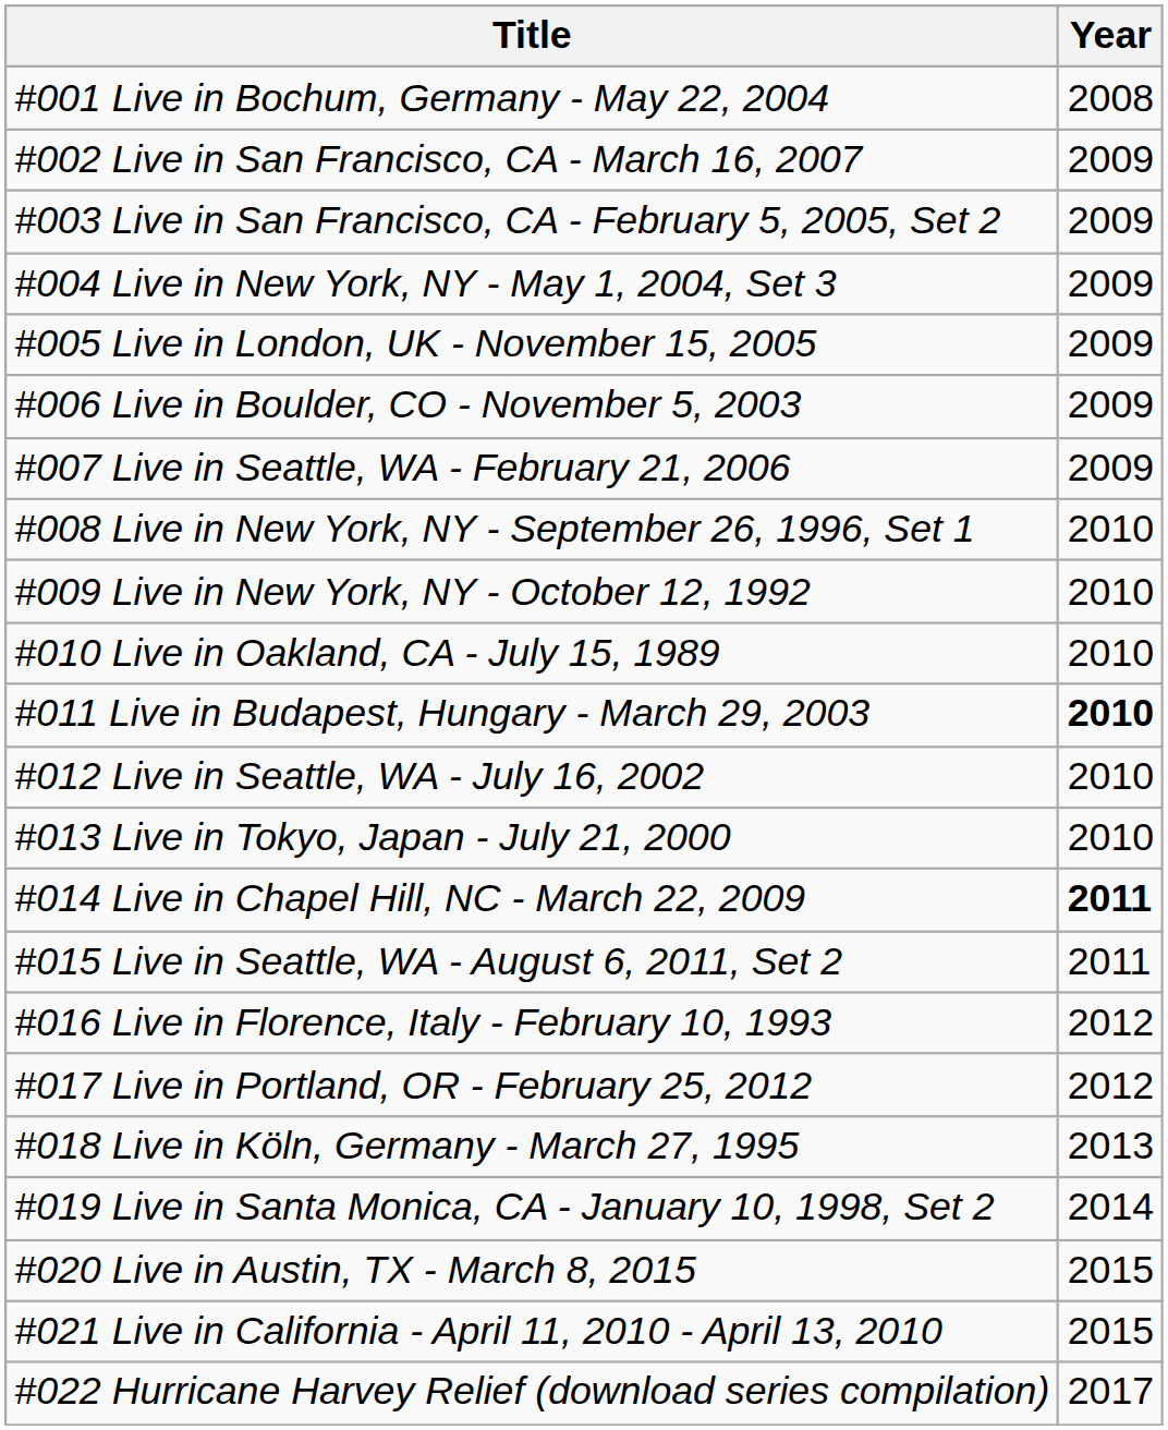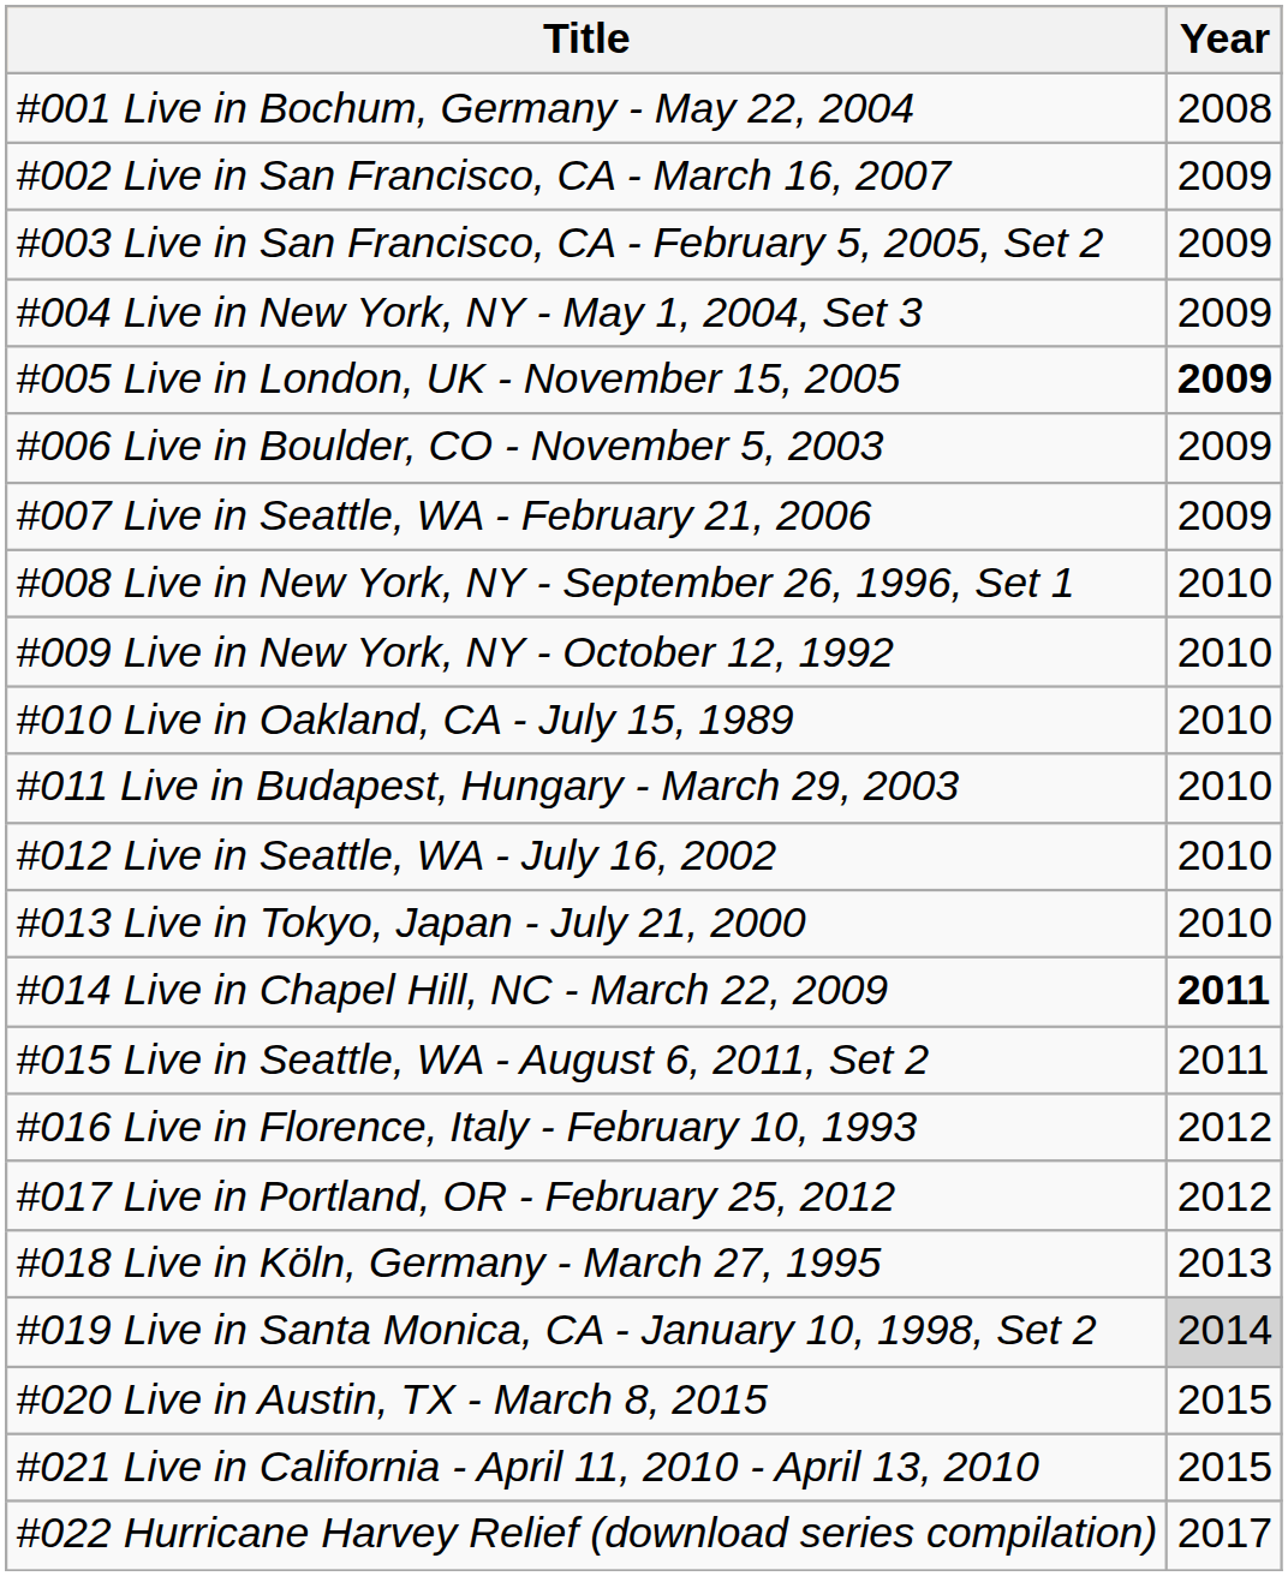 <table class="wikitable sortable">
 <tr style="background:#ffdead;">
 <th>Title</th>
 <th>Year</th>
 </tr>
 <tr>
 <td><em>#001 Live in Bochum, Germany - May 22, 2004</em></td>
 <td>2008</td>
 </tr>
 <tr>
 <td><em>#002 Live in San Francisco, CA - March 16, 2007</em></td>
 <td>2009</td>
 </tr>
 <tr>
 <td><em>#003 Live in San Francisco, CA - February 5, 2005, Set 2</em></td>
 <td>2009</td>
 </tr>
 <tr>
 <td><em>#004 Live in New York, NY - May 1, 2004, Set 3</em></td>
 <td>2009</td>
 </tr>
 <tr>
 <td><em>#005 Live in London, UK - November 15, 2005</em></td>
-<td>2009</td>
+<td><strong>2009</strong></td>
 </tr>
 <tr>
 <td><em>#006 Live in Boulder, CO - November 5, 2003</em></td>
 <td>2009</td>
 </tr>
 <tr>
 <td><em>#007 Live in Seattle, WA - February 21, 2006</em></td>
 <td>2009</td>
 </tr>
 <tr>
 <td><em>#008 Live in New York, NY - September 26, 1996, Set 1</em></td>
 <td>2010</td>
 </tr>
 <tr>
 <td><em>#009 Live in New York, NY - October 12, 1992</em></td>
 <td>2010</td>
 </tr>
 <tr>
 <td><em>#010 Live in Oakland, CA - July 15, 1989</em></td>
 <td>2010</td>
 </tr>
 <tr>
 <td><em>#011 Live in Budapest, Hungary - March 29, 2003</em></td>
-<td><strong>2010</strong></td>
+<td>2010</td>
 </tr>
 <tr>
 <td><em>#012 Live in Seattle, WA - July 16, 2002</em></td>
 <td>2010</td>
 </tr>
 <tr>
 <td><em>#013 Live in Tokyo, Japan - July 21, 2000</em></td>
 <td>2010</td>
 </tr>
 <tr>
 <td><em>#014 Live in Chapel Hill, NC - March 22, 2009</em></td>
 <td><strong>2011</strong></td>
 </tr>
 <tr>
 <td><em>#015 Live in Seattle, WA - August 6, 2011, Set 2</em></td>
 <td>2011</td>
 </tr>
 <tr>
 <td><em>#016 Live in Florence, Italy - February 10, 1993</em></td>
 <td>2012</td>
 </tr>
 <tr>
 <td><em>#017 Live in Portland, OR - February 25, 2012</em></td>
 <td>2012</td>
 </tr>
 <tr>
 <td><em>#018 Live in Köln, Germany - March 27, 1995</em></td>
 <td>2013</td>
 </tr>
 <tr>
 <td><em>#019 Live in Santa Monica, CA - January 10, 1998, Set 2</em></td>
-<td>2014</td>
+<td style="background: lightgrey;">2014</td>
 </tr>
 <tr>
 <td><em>#020 Live in Austin, TX - March 8, 2015</em></td>
 <td>2015</td>
 </tr>
 <tr>
 <td><em>#021 Live in California - April 11, 2010 - April 13, 2010</em></td>
 <td>2015</td>
 </tr>
 <tr>
 <td><em>#022 Hurricane Harvey Relief (download series compilation)</em></td>
 <td>2017</td>
 </tr>
 </table>
